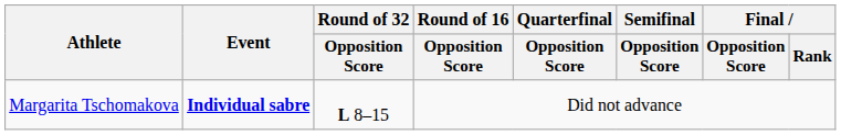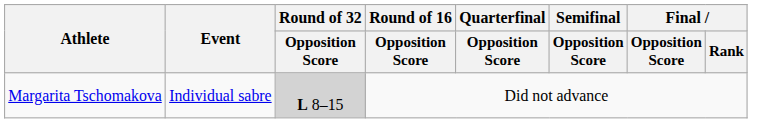 <table class="wikitable" style="font-size:90%">
 <tr>
 <th rowspan="2">Athlete</th>
 <th rowspan="2">Event</th>
 <th>Round of 32</th>
 <th>Round of 16</th>
 <th>Quarterfinal</th>
 <th>Semifinal</th>
 <th colspan=2>Final / </th>
 </tr>
 <tr style="font-size:95%">
 <th>Opposition <br> Score</th>
 <th>Opposition <br> Score</th>
 <th>Opposition <br> Score</th>
 <th>Opposition <br> Score</th>
 <th>Opposition <br> Score</th>
 <th>Rank</th>
 </tr>
 <tr align=center>
 <td align=left><a href='#'>Margarita Tschomakova</a></td>
-<td align=left><strong><a href='#'>Individual sabre</a></strong></td>
-<td><br><strong>L</strong> 8–15</td>
+<td align=left><a href='#'>Individual sabre</a></td>
+<td style="background: lightgrey;"><br><strong>L</strong> 8–15</td>
 <td colspan=5>Did not advance</td>
 </tr>
 </table>
